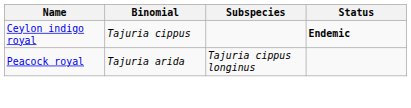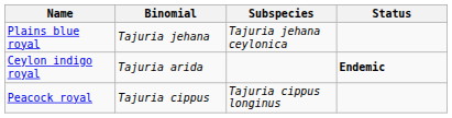 <table width=60% class="wikitable">
 <tr>
 <th width=20%>Name</th>
 <th width=20%>Binomial</th>
 <th width=20%>Subspecies</th>
 <th width=20%>Status</th>
 </tr>
 <tr>
+<td><a href='#'>Plains blue royal</a><br> </td>
+<td><em>Tajuria jehana</em></td>
+<td><em>Tajuria jehana ceylonica</em></td>
+<td></td>
+</tr>
+<tr>
 <td><a href='#'>Ceylon indigo royal</a></td>
-<td><em>Tajuria cippus</em></td>
+<td><em>Tajuria arida</em></td>
 <td></td>
 <td><strong>Endemic</strong></td>
 </tr>
 <tr>
 <td><a href='#'>Peacock royal</a><br> </td>
-<td><em>Tajuria arida</em></td>
+<td><em>Tajuria cippus</em></td>
 <td><em>Tajuria cippus longinus</em></td>
 <td></td>
 </tr>
 </table>
